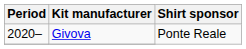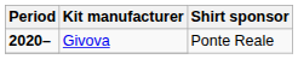 <table class="wikitable">
 <tr>
 <th>Period</th>
 <th>Kit manufacturer</th>
 <th>Shirt sponsor</th>
 </tr>
 <tr>
-<td>2020–</td>
+<td><strong>2020–</strong></td>
 <td><a href='#'>Givova</a></td>
 <td rowspan=2>Ponte Reale</td>
 </tr>
 <tr>
 </tr>
 </table>
